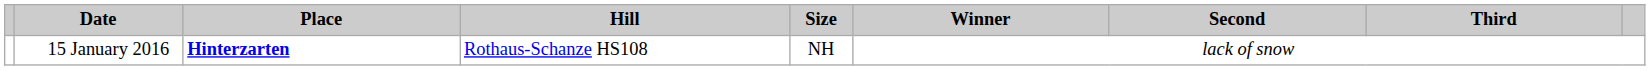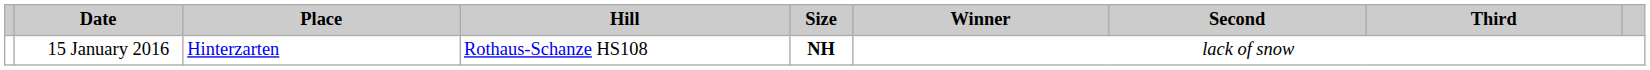 <table class="wikitable plainrowheaders" style="background:#fff; font-size:86%; line-height:16px; border:grey solid 1px; border-collapse:collapse;">
 <tr style="background:#ccc; text-align:center;">
 <th scope="col" style="background:#ccc; width=30 px;"></th>
 <th scope="col" style="background:#ccc; width:120px;">Date</th>
 <th scope="col" style="background:#ccc; width:200px;">Place</th>
 <th scope="col" style="background:#ccc; width:240px;">Hill</th>
 <th scope="col" style="background:#ccc; width:40px;">Size</th>
 <th scope="col" style="background:#ccc; width:185px;">Winner</th>
 <th scope="col" style="background:#ccc; width:185px;">Second</th>
 <th scope="col" style="background:#ccc; width:185px;">Third</th>
 <th scope="col" style="background:#ccc; width:10px;"></th>
 </tr>
 <tr>
 <td></td>
 <td align=right>15 January 2016  </td>
-<td><strong> <a href='#'>Hinterzarten</a></strong></td>
+<td> <a href='#'>Hinterzarten</a></td>
 <td><a href='#'>Rothaus-Schanze</a> HS108</td>
-<td align=center>NH</td>
+<td align=center><strong>NH</strong></td>
 <td colspan=4 rowspan=2 align=center><em>lack of snow</em></td>
 </tr>
 </table>
